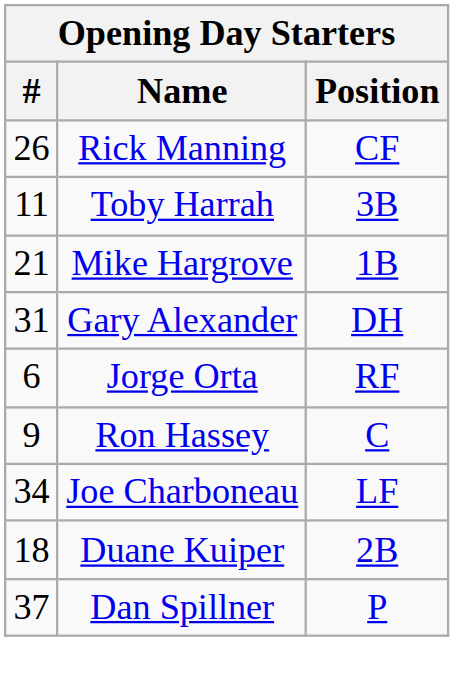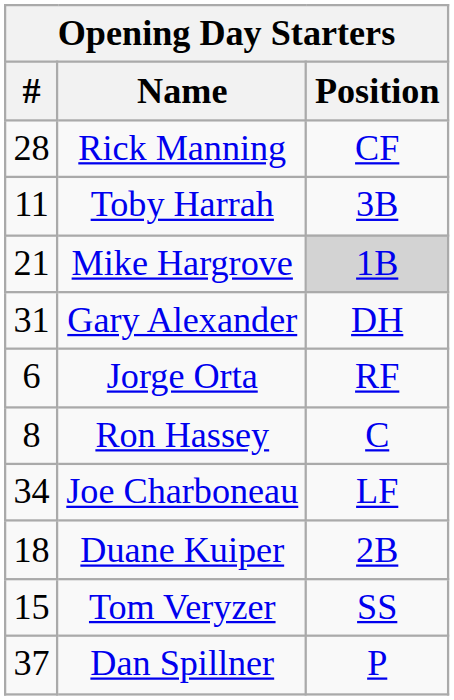 <table class="wikitable" style="text-align:center">
 <tr>
 <th colspan="3">Opening Day Starters</th>
 </tr>
 <tr>
 <th>#</th>
 <th>Name</th>
 <th>Position</th>
 </tr>
 <tr>
-<td>26</td>
+<td>28</td>
 <td><a href='#'>Rick Manning</a></td>
 <td><a href='#'>CF</a></td>
 </tr>
 <tr>
 <td>11</td>
 <td><a href='#'>Toby Harrah</a></td>
 <td><a href='#'>3B</a></td>
 </tr>
 <tr>
 <td>21</td>
 <td><a href='#'>Mike Hargrove</a></td>
-<td><a href='#'>1B</a></td>
+<td style="background: lightgrey;"><a href='#'>1B</a></td>
 </tr>
 <tr>
 <td>31</td>
 <td><a href='#'>Gary Alexander</a></td>
 <td><a href='#'>DH</a></td>
 </tr>
 <tr>
 <td>6</td>
 <td><a href='#'>Jorge Orta</a></td>
 <td><a href='#'>RF</a></td>
 </tr>
 <tr>
-<td>9</td>
+<td>8</td>
 <td><a href='#'>Ron Hassey</a></td>
 <td><a href='#'>C</a></td>
 </tr>
 <tr>
 <td>34</td>
 <td><a href='#'>Joe Charboneau</a></td>
 <td><a href='#'>LF</a></td>
 </tr>
 <tr>
 <td>18</td>
 <td><a href='#'>Duane Kuiper</a></td>
 <td><a href='#'>2B</a></td>
 </tr>
 <tr>
+<td>15</td>
+<td><a href='#'>Tom Veryzer</a></td>
+<td><a href='#'>SS</a></td>
+</tr>
+<tr>
 <td>37</td>
 <td><a href='#'>Dan Spillner</a></td>
 <td><a href='#'>P</a></td>
 </tr>
 </table>
